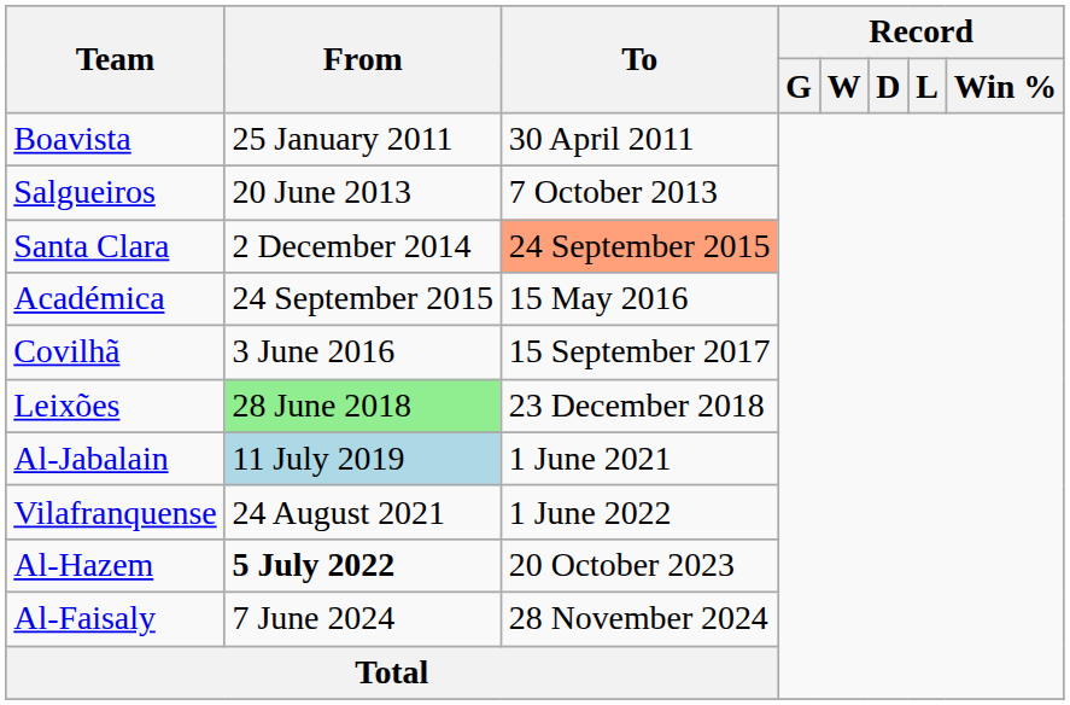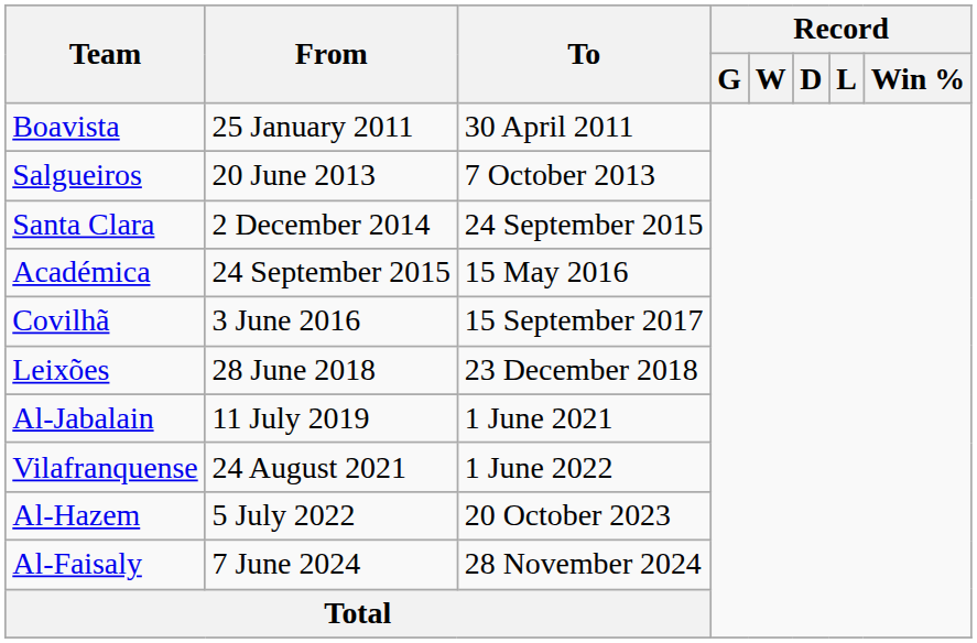 <table class="wikitable" style="text-align: center">
 <tr>
 <th rowspan="2">Team</th>
 <th rowspan="2">From</th>
 <th rowspan="2">To</th>
 <th colspan="5">Record</th>
 </tr>
 <tr>
 <th>G</th>
 <th>W</th>
 <th>D</th>
 <th>L</th>
 <th>Win %</th>
 </tr>
 <tr>
 <td align=left><a href='#'>Boavista</a></td>
 <td align=left>25 January 2011</td>
 <td align=left>30 April 2011<br></td>
 </tr>
 <tr>
 <td align=left><a href='#'>Salgueiros</a></td>
 <td align=left>20 June 2013</td>
 <td align=left>7 October 2013<br></td>
 </tr>
 <tr>
 <td align=left><a href='#'>Santa Clara</a></td>
 <td align=left>2 December 2014</td>
-<td align=left style="background: lightsalmon;">24 September 2015<br></td>
+<td align=left>24 September 2015<br></td>
 </tr>
 <tr>
 <td align=left><a href='#'>Académica</a></td>
 <td align=left>24 September 2015</td>
 <td align=left>15 May 2016<br></td>
 </tr>
 <tr>
 <td align=left><a href='#'>Covilhã</a></td>
 <td align=left>3 June 2016</td>
 <td align=left>15 September 2017<br></td>
 </tr>
 <tr>
 <td align=left><a href='#'>Leixões</a></td>
-<td align=left style="background: lightgreen;">28 June 2018</td>
+<td align=left>28 June 2018</td>
 <td align=left>23 December 2018<br></td>
 </tr>
 <tr>
 <td align=left><a href='#'>Al-Jabalain</a></td>
-<td align=left style="background: lightblue;">11 July 2019</td>
+<td align=left>11 July 2019</td>
 <td align=left>1 June 2021<br></td>
 </tr>
 <tr>
 <td align=left><a href='#'>Vilafranquense</a></td>
 <td align=left>24 August 2021</td>
 <td align=left>1 June 2022<br></td>
 </tr>
 <tr>
 <td align=left><a href='#'>Al-Hazem</a></td>
-<td align=left><strong>5 July 2022</strong></td>
+<td align=left>5 July 2022</td>
 <td align=left>20 October 2023<br></td>
 </tr>
 <tr>
 <td align=left><a href='#'>Al-Faisaly</a></td>
 <td align=left>7 June 2024</td>
 <td align=left>28 November 2024<br></td>
 </tr>
 <tr>
 <th colspan=3>Total<br></th>
 </tr>
 </table>
